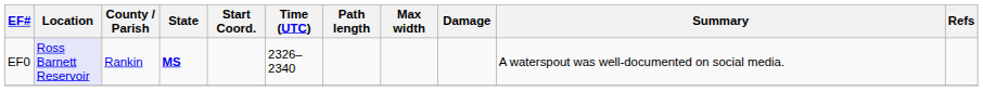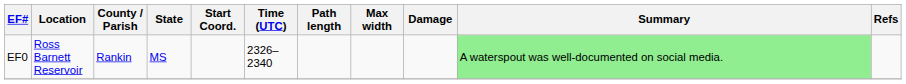 <table class="wikitable sortable" style="width:100%;">
 <tr>
 <th scope="col" width="3%" align="center"><a href='#'>EF#</a></th>
 <th scope="col" width="7%" align="center" class="unsortable">Location</th>
 <th scope="col" width="6%" align="center" class="unsortable">County / Parish</th>
 <th scope="col" width="5%" align="center">State</th>
 <th scope="col" width="6%" align="center">Start Coord.</th>
 <th scope="col" width="6%" align="center">Time (<a href='#'>UTC</a>)</th>
 <th scope="col" width="6%" align="center">Path length</th>
 <th scope="col" width="6%" align="center">Max width</th>
 <th scope="col" width="6%" align="center">Damage</th>
 <th scope="col" width="48%" class="unsortable" align="center">Summary</th>
 <th scope="col" width="48%" class="unsortable" align="center">Refs</th>
 </tr>
 <tr>
 <td>EF0</td>
-<td style="background: lavender;"><a href='#'>Ross Barnett Reservoir</a></td>
+<td><a href='#'>Ross Barnett Reservoir</a></td>
 <td><a href='#'>Rankin</a></td>
-<td><strong><a href='#'>MS</a></strong></td>
+<td><a href='#'>MS</a></td>
 <td></td>
 <td>2326–2340</td>
 <td></td>
 <td></td>
 <td></td>
-<td>A waterspout was well-documented on social media.</td>
+<td style="background: lightgreen;">A waterspout was well-documented on social media.</td>
 <td></td>
 </tr>
 <tr>
 </tr>
 </table>
